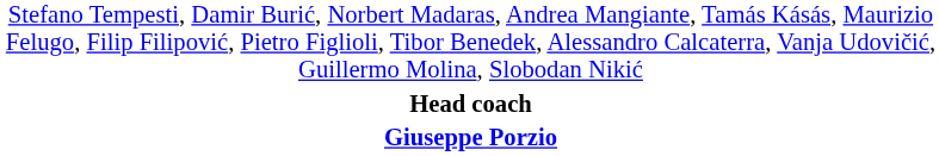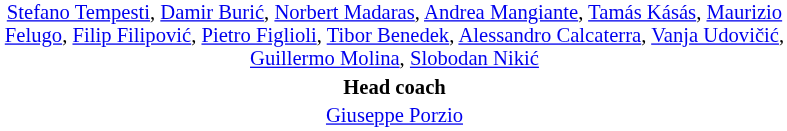 <table style="text-align: center; margin-top: 2em; margin-left: auto; margin-right: auto">
 <tr>
 <td><a href='#'>Stefano Tempesti</a>, <a href='#'>Damir Burić</a>, <a href='#'>Norbert Madaras</a>, <a href='#'>Andrea Mangiante</a>, <a href='#'>Tamás Kásás</a>, <a href='#'>Maurizio Felugo</a>, <a href='#'>Filip Filipović</a>, <a href='#'>Pietro Figlioli</a>, <a href='#'>Tibor Benedek</a>, <a href='#'>Alessandro Calcaterra</a>, <a href='#'>Vanja Udovičić</a>, <a href='#'>Guillermo Molina</a>, <a href='#'>Slobodan Nikić</a></td>
 </tr>
 <tr>
 <td><strong>Head coach</strong></td>
 </tr>
 <tr>
-<td><strong><a href='#'>Giuseppe Porzio</a></strong></td>
+<td><a href='#'>Giuseppe Porzio</a></td>
 </tr>
 </table>
